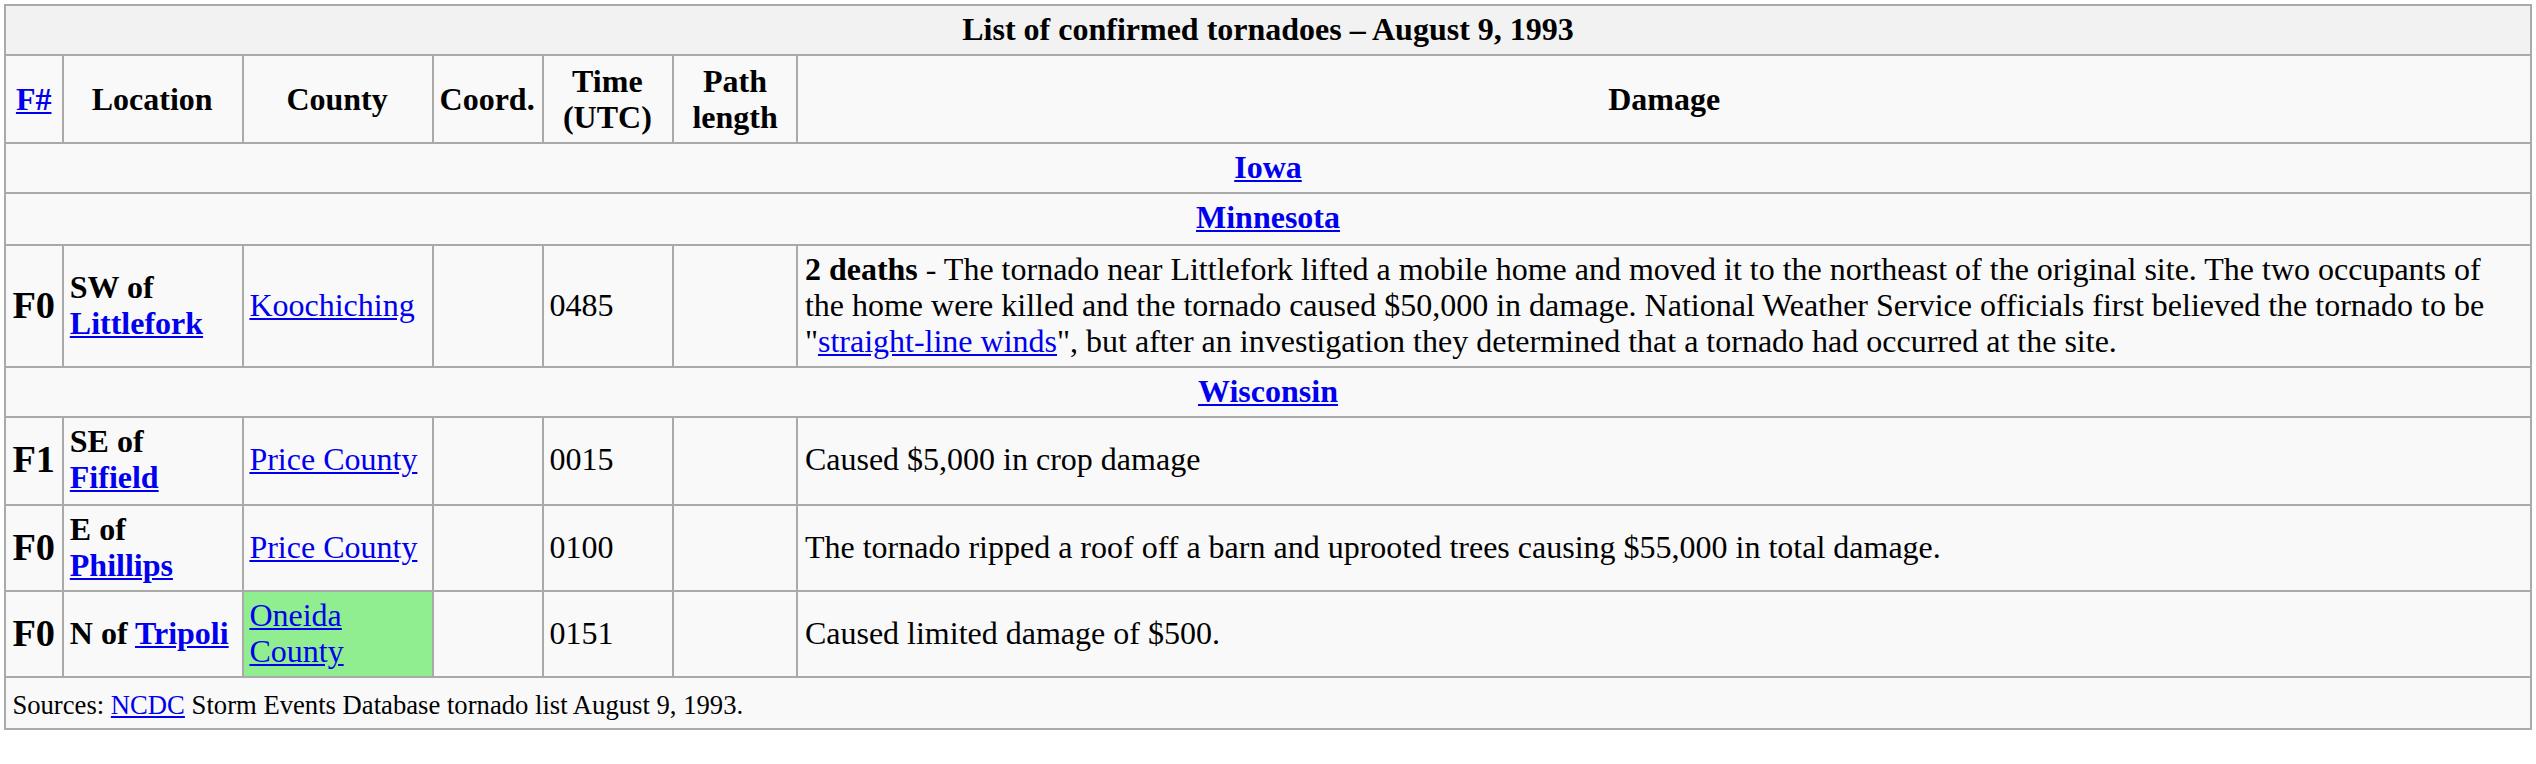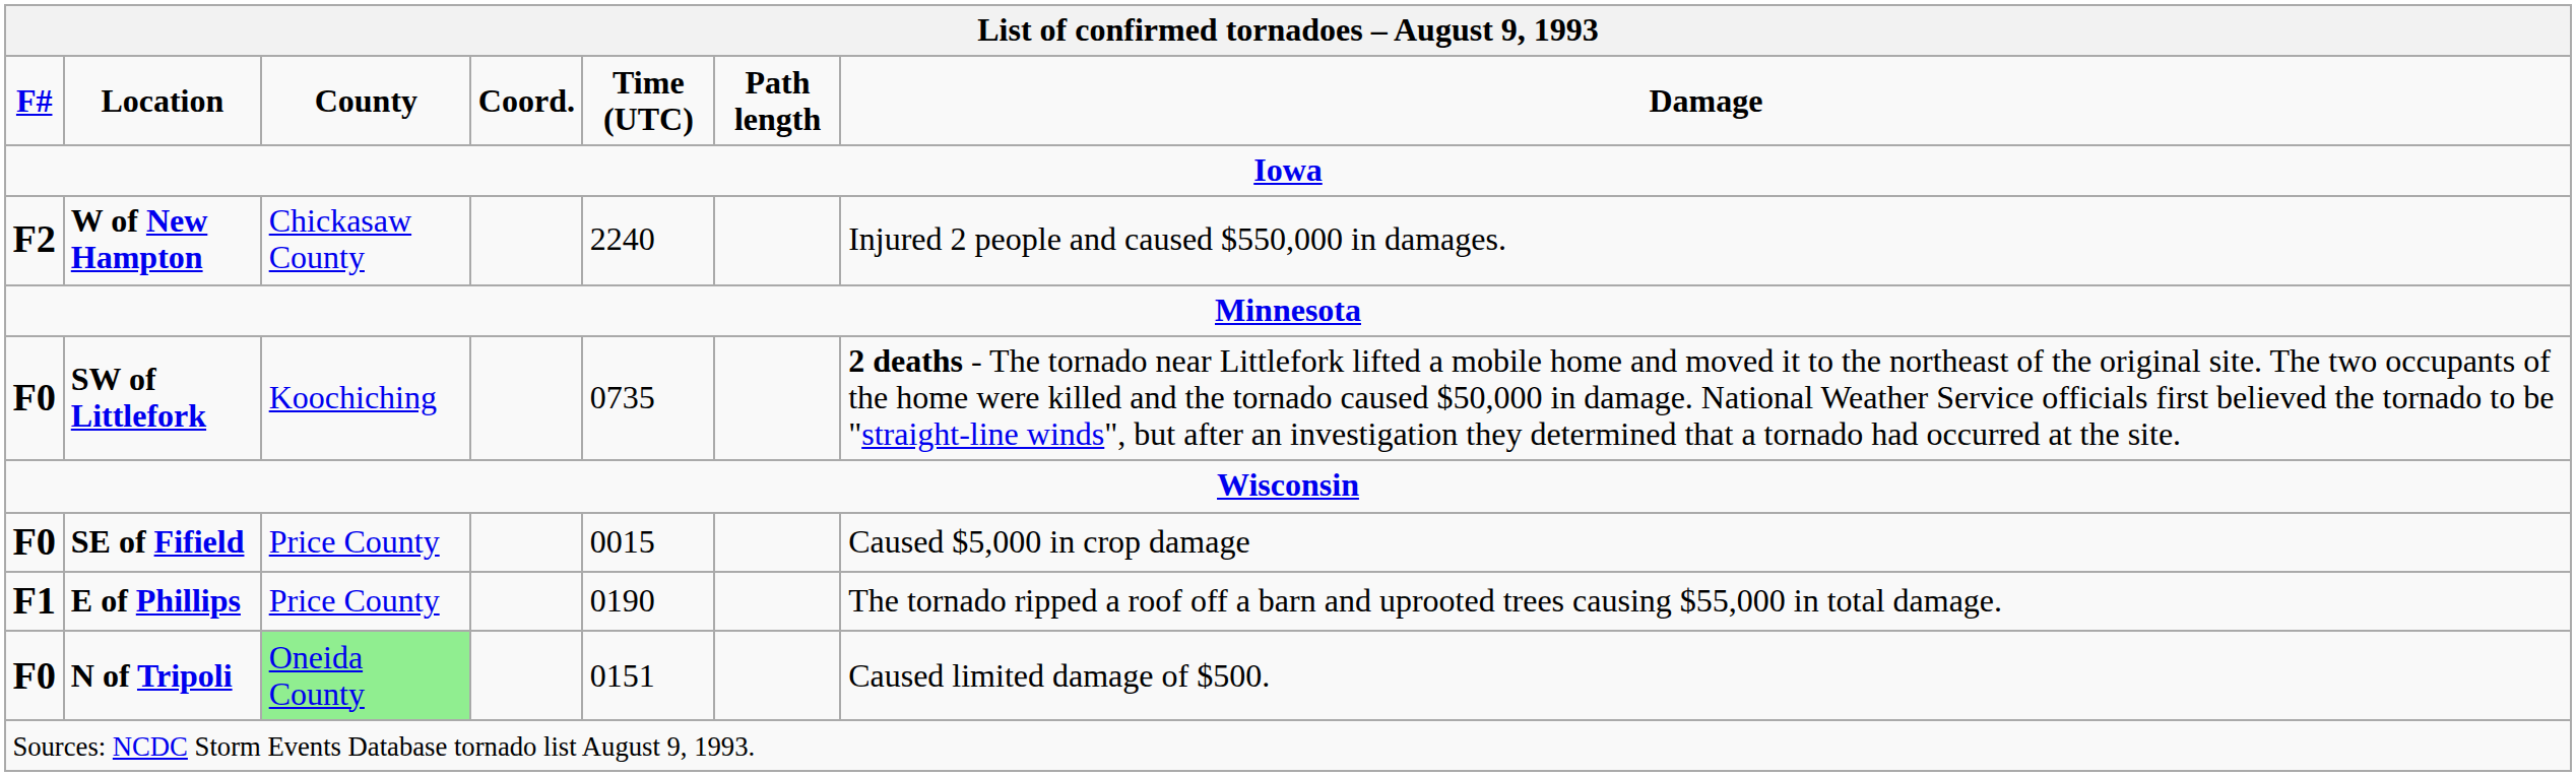 <table class="wikitable collapsible" width="100%">
 <tr>
 <th colspan="7">List of confirmed tornadoes – August 9, 1993</th>
 </tr>
 <tr style="text-align:center;">
 <td><strong><a href='#'>F#</a></strong></td>
 <td><strong>Location</strong></td>
 <td><strong>County</strong></td>
 <td><strong>Coord.</strong></td>
 <td><strong>Time (UTC)</strong></td>
 <td><strong>Path length</strong></td>
 <td><strong>Damage</strong></td>
 </tr>
 <tr>
 <td colspan="7" align=center><strong><a href='#'>Iowa</a></strong></td>
 </tr>
 <tr>
+<td><big><strong>F2</strong></big></td>
+<td><strong>W of <a href='#'>New Hampton</a></strong></td>
+<td><a href='#'>Chickasaw County</a></td>
+<td></td>
+<td>2240</td>
+<td></td>
+<td>Injured 2 people and caused $550,000 in damages.</td>
+</tr>
+<tr>
 <td colspan="7" align=center><strong><a href='#'>Minnesota</a></strong></td>
 </tr>
 <tr>
 <td><big><strong>F0</strong></big></td>
 <td><strong>SW of <a href='#'>Littlefork</a></strong></td>
 <td><a href='#'>Koochiching</a></td>
 <td></td>
-<td>0485</td>
+<td>0735</td>
 <td></td>
 <td><strong>2 deaths</strong> - The tornado near Littlefork lifted a mobile home and moved it  to the northeast of the original site. The two occupants of the home were killed and the tornado caused $50,000 in damage. National Weather Service officials first believed the tornado to be "<a href='#'>straight-line winds</a>", but after an investigation they determined that a tornado had occurred at the site.</td>
 </tr>
 <tr>
 <td colspan="7" align=center><strong><a href='#'>Wisconsin</a></strong></td>
 </tr>
 <tr>
-<td><big><strong>F1</strong></big></td>
+<td><big><strong>F0</strong></big></td>
 <td><strong>SE of <a href='#'>Fifield</a></strong></td>
 <td><a href='#'>Price County</a></td>
 <td></td>
 <td>0015</td>
 <td></td>
 <td>Caused $5,000 in crop damage</td>
 </tr>
 <tr>
-<td><big><strong>F0</strong></big></td>
+<td><big><strong>F1</strong></big></td>
 <td><strong>E of <a href='#'>Phillips</a></strong></td>
 <td><a href='#'>Price County</a></td>
 <td></td>
-<td>0100</td>
+<td>0190</td>
 <td></td>
 <td>The tornado ripped a roof off a barn and uprooted trees causing $55,000 in total damage.</td>
 </tr>
 <tr>
 <td><big><strong>F0</strong></big></td>
 <td><strong>N of <a href='#'>Tripoli</a></strong></td>
 <td style="background: lightgreen;"><a href='#'>Oneida County</a></td>
 <td></td>
 <td>0151</td>
 <td></td>
 <td>Caused limited damage of $500.</td>
 </tr>
 <tr>
 <td colspan="7"><small>Sources: <a href='#'>NCDC</a> Storm Events Database tornado list August 9, 1993.</small></td>
 </tr>
 </table>
